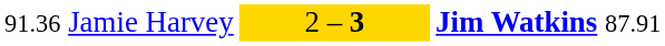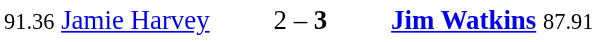 <table style="text-align:center">
 <tr>
 <th width=223></th>
 <th width=100></th>
 <th width=223></th>
 </tr>
 <tr>
 <td align=right><small>91.36</small> <a href='#'>Jamie Harvey</a> </td>
-<td style="background: gold;">2 – <strong>3</strong></td>
+<td>2 – <strong>3</strong></td>
 <td align=left> <strong><a href='#'>Jim Watkins</a></strong> <small>87.91</small></td>
 </tr>
 </table>
